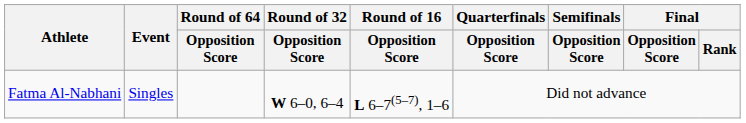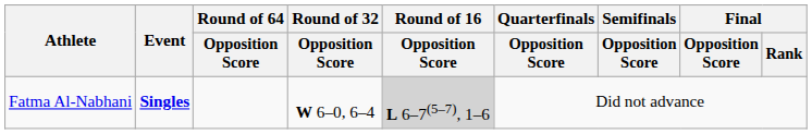 <table class=wikitable style="font-size:90%; text-align:center;">
 <tr>
 <th rowspan="2">Athlete</th>
 <th rowspan="2">Event</th>
 <th>Round of 64</th>
 <th>Round of 32</th>
 <th>Round of 16</th>
 <th>Quarterfinals</th>
 <th>Semifinals</th>
 <th colspan=2>Final</th>
 </tr>
 <tr style="font-size:95%">
 <th>Opposition<br>Score</th>
 <th>Opposition<br>Score</th>
 <th>Opposition<br>Score</th>
 <th>Opposition<br>Score</th>
 <th>Opposition<br>Score</th>
 <th>Opposition<br>Score</th>
 <th>Rank</th>
 </tr>
 <tr>
 <td align=left><a href='#'>Fatma Al-Nabhani</a></td>
-<td align=left><a href='#'>Singles</a></td>
+<td align=left><strong><a href='#'>Singles</a></strong></td>
 <td></td>
 <td><br><strong>W</strong> 6–0, 6–4</td>
-<td><br><strong>L</strong> 6–7<sup>(5–7)</sup>, 1–6</td>
+<td style="background: lightgrey;"><br><strong>L</strong> 6–7<sup>(5–7)</sup>, 1–6</td>
 <td colspan=4>Did not advance</td>
 </tr>
 </table>
